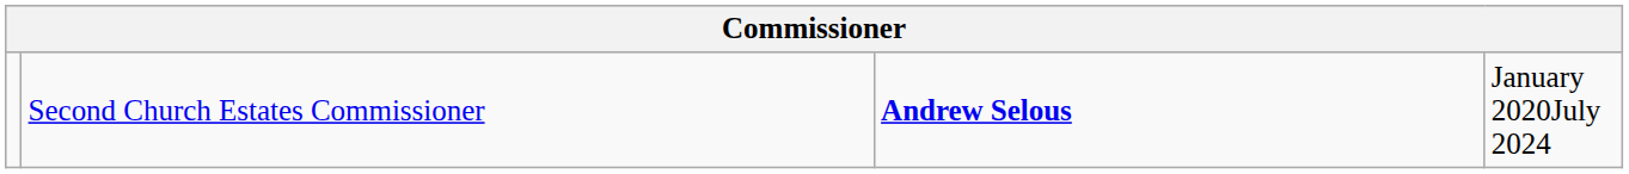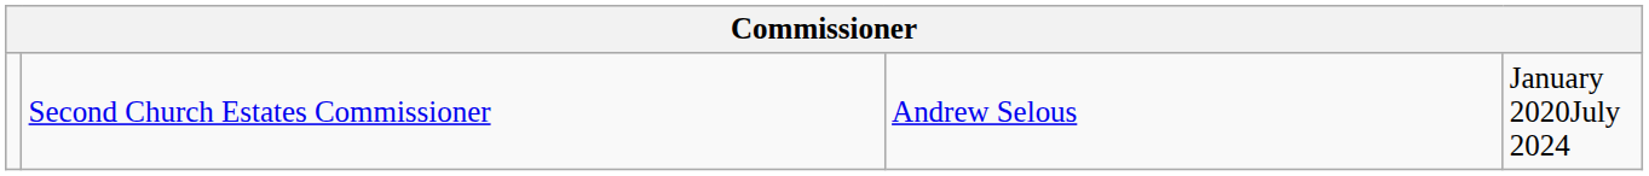 <table class="wikitable">
 <tr>
 <th colspan="4">Commissioner</th>
 </tr>
 <tr>
 <td rowspan="1" style="width: 1px; background: "></td>
 <td rowspan="1" style="width: 450px;"><a href='#'>Second Church Estates Commissioner</a></td>
-<td style="width: 320px;"><strong><a href='#'>Andrew Selous</a></strong></td>
+<td style="width: 320px;"><a href='#'>Andrew Selous</a></td>
 <td>January 2020July 2024</td>
 </tr>
 </table>
